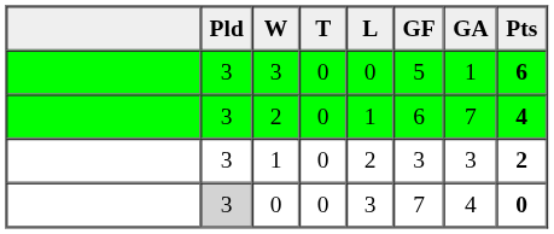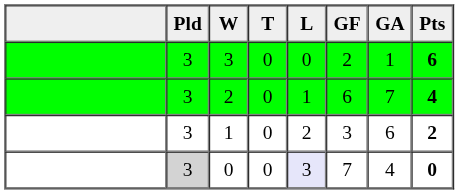 <table border=1 cellpadding=5 cellspacing=0>
 <tr>
 <th bgcolor="#efefef" width="120"></th>
 <th bgcolor="#efefef" width="20">Pld</th>
 <th bgcolor="#efefef" width="20">W</th>
 <th bgcolor="#efefef" width="20">T</th>
 <th bgcolor="#efefef" width="20">L</th>
 <th bgcolor="#efefef" width="20">GF</th>
 <th bgcolor="#efefef" width="20">GA</th>
 <th bgcolor="#efefef" width="20">Pts</th>
 </tr>
 <tr align=center bgcolor="lime">
 <td align=left></td>
 <td>3</td>
 <td>3</td>
 <td>0</td>
 <td>0</td>
-<td>5</td>
+<td>2</td>
 <td>1</td>
 <td><strong>6</strong></td>
 </tr>
 <tr align=center bgcolor="lime">
 <td align=left></td>
 <td>3</td>
 <td>2</td>
 <td>0</td>
 <td>1</td>
 <td>6</td>
 <td>7</td>
 <td><strong>4</strong></td>
 </tr>
 <tr align=center>
 <td align=left></td>
 <td>3</td>
 <td>1</td>
 <td>0</td>
 <td>2</td>
 <td>3</td>
-<td>3</td>
+<td>6</td>
 <td><strong>2</strong></td>
 </tr>
 <tr align=center>
 <td align=left></td>
 <td style="background: lightgrey;">3</td>
 <td>0</td>
 <td>0</td>
-<td>3</td>
+<td style="background: lavender;">3</td>
 <td>7</td>
 <td>4</td>
 <td><strong>0</strong></td>
 </tr>
 <tr align=center>
 </tr>
 </table>
